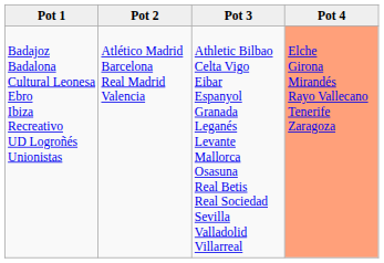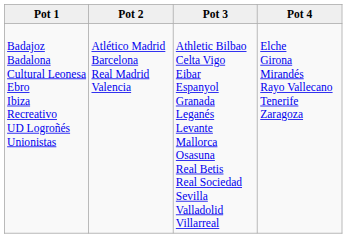 <table class="wikitable" style="font-size:90%">
 <tr bgcolor=#efefef align=center>
 <td width=25%><strong>Pot 1</strong><br></td>
 <td width=25%><strong>Pot 2</strong><br></td>
 <td width=25%><strong>Pot 3</strong><br></td>
 <td width=25%><strong>Pot 4</strong><br></td>
 </tr>
 <tr valign=top>
 <td><br><a href='#'>Badajoz</a><br> <a href='#'>Badalona</a><br> <a href='#'>Cultural Leonesa</a><br> <a href='#'>Ebro</a><br> <a href='#'>Ibiza</a><br> <a href='#'>Recreativo</a><br> <a href='#'>UD Logroñés</a><br> <a href='#'>Unionistas</a></td>
 <td><br><a href='#'>Atlético Madrid</a><br> <a href='#'>Barcelona</a><br> <a href='#'>Real Madrid</a><br> <a href='#'>Valencia</a></td>
 <td><br><a href='#'>Athletic Bilbao</a><br> <a href='#'>Celta Vigo</a><br> <a href='#'>Eibar</a><br> <a href='#'>Espanyol</a><br> <a href='#'>Granada</a><br> <a href='#'>Leganés</a><br> <a href='#'>Levante</a><br> <a href='#'>Mallorca</a><br> <a href='#'>Osasuna</a><br> <a href='#'>Real Betis</a><br> <a href='#'>Real Sociedad</a><br> <a href='#'>Sevilla</a><br> <a href='#'>Valladolid</a><br> <a href='#'>Villarreal</a></td>
-<td style="background: lightsalmon;"><br><a href='#'>Elche</a><br> <a href='#'>Girona</a><br> <a href='#'>Mirandés</a><br> <a href='#'>Rayo Vallecano</a><br> <a href='#'>Tenerife</a><br> <a href='#'>Zaragoza</a></td>
+<td><br><a href='#'>Elche</a><br> <a href='#'>Girona</a><br> <a href='#'>Mirandés</a><br> <a href='#'>Rayo Vallecano</a><br> <a href='#'>Tenerife</a><br> <a href='#'>Zaragoza</a></td>
 </tr>
 </table>
